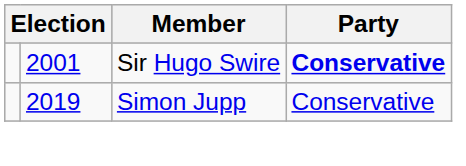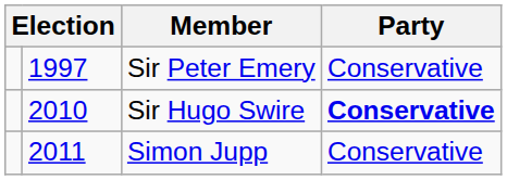 <table class="wikitable">
 <tr>
 <th colspan="2">Election</th>
 <th>Member</th>
 <th>Party</th>
 </tr>
 <tr>
 <td style="color:inherit;background-color: "></td>
-<td><a href='#'>2001</a></td>
+<td><a href='#'>1997</a></td>
+<td>Sir <a href='#'>Peter Emery</a></td>
+<td><a href='#'>Conservative</a></td>
+</tr>
+<tr>
+<td style="color:inherit;background-color: "></td>
+<td><a href='#'>2010</a></td>
 <td>Sir <a href='#'>Hugo Swire</a></td>
 <td><strong><a href='#'>Conservative</a></strong></td>
 </tr>
 <tr>
 <td style="color:inherit;background-color: "></td>
-<td><a href='#'>2019</a></td>
+<td><a href='#'>2011</a></td>
 <td><a href='#'>Simon Jupp</a></td>
 <td><a href='#'>Conservative</a></td>
 </tr>
 </table>
